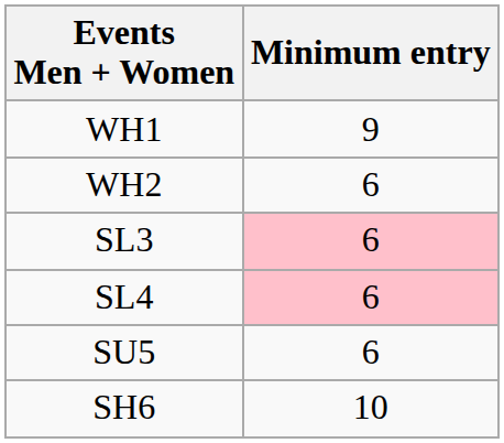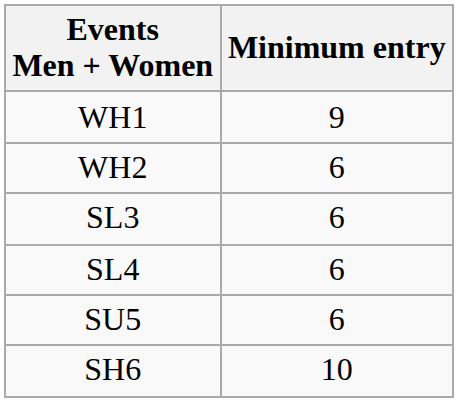 <table class=wikitable>
 <tr>
 <th>Events<br>Men + Women</th>
 <th>Minimum entry</th>
 </tr>
 <tr align=center>
 <td>WH1</td>
 <td>9</td>
 </tr>
 <tr align=center>
 <td>WH2</td>
 <td>6</td>
 </tr>
 <tr align=center>
 <td>SL3</td>
-<td style="background: pink;">6</td>
+<td>6</td>
 </tr>
 <tr align=center>
 <td>SL4</td>
-<td style="background: pink;">6</td>
+<td>6</td>
 </tr>
 <tr align=center>
 <td>SU5</td>
 <td>6</td>
 </tr>
 <tr align=center>
 <td>SH6</td>
 <td>10</td>
 </tr>
 </table>
